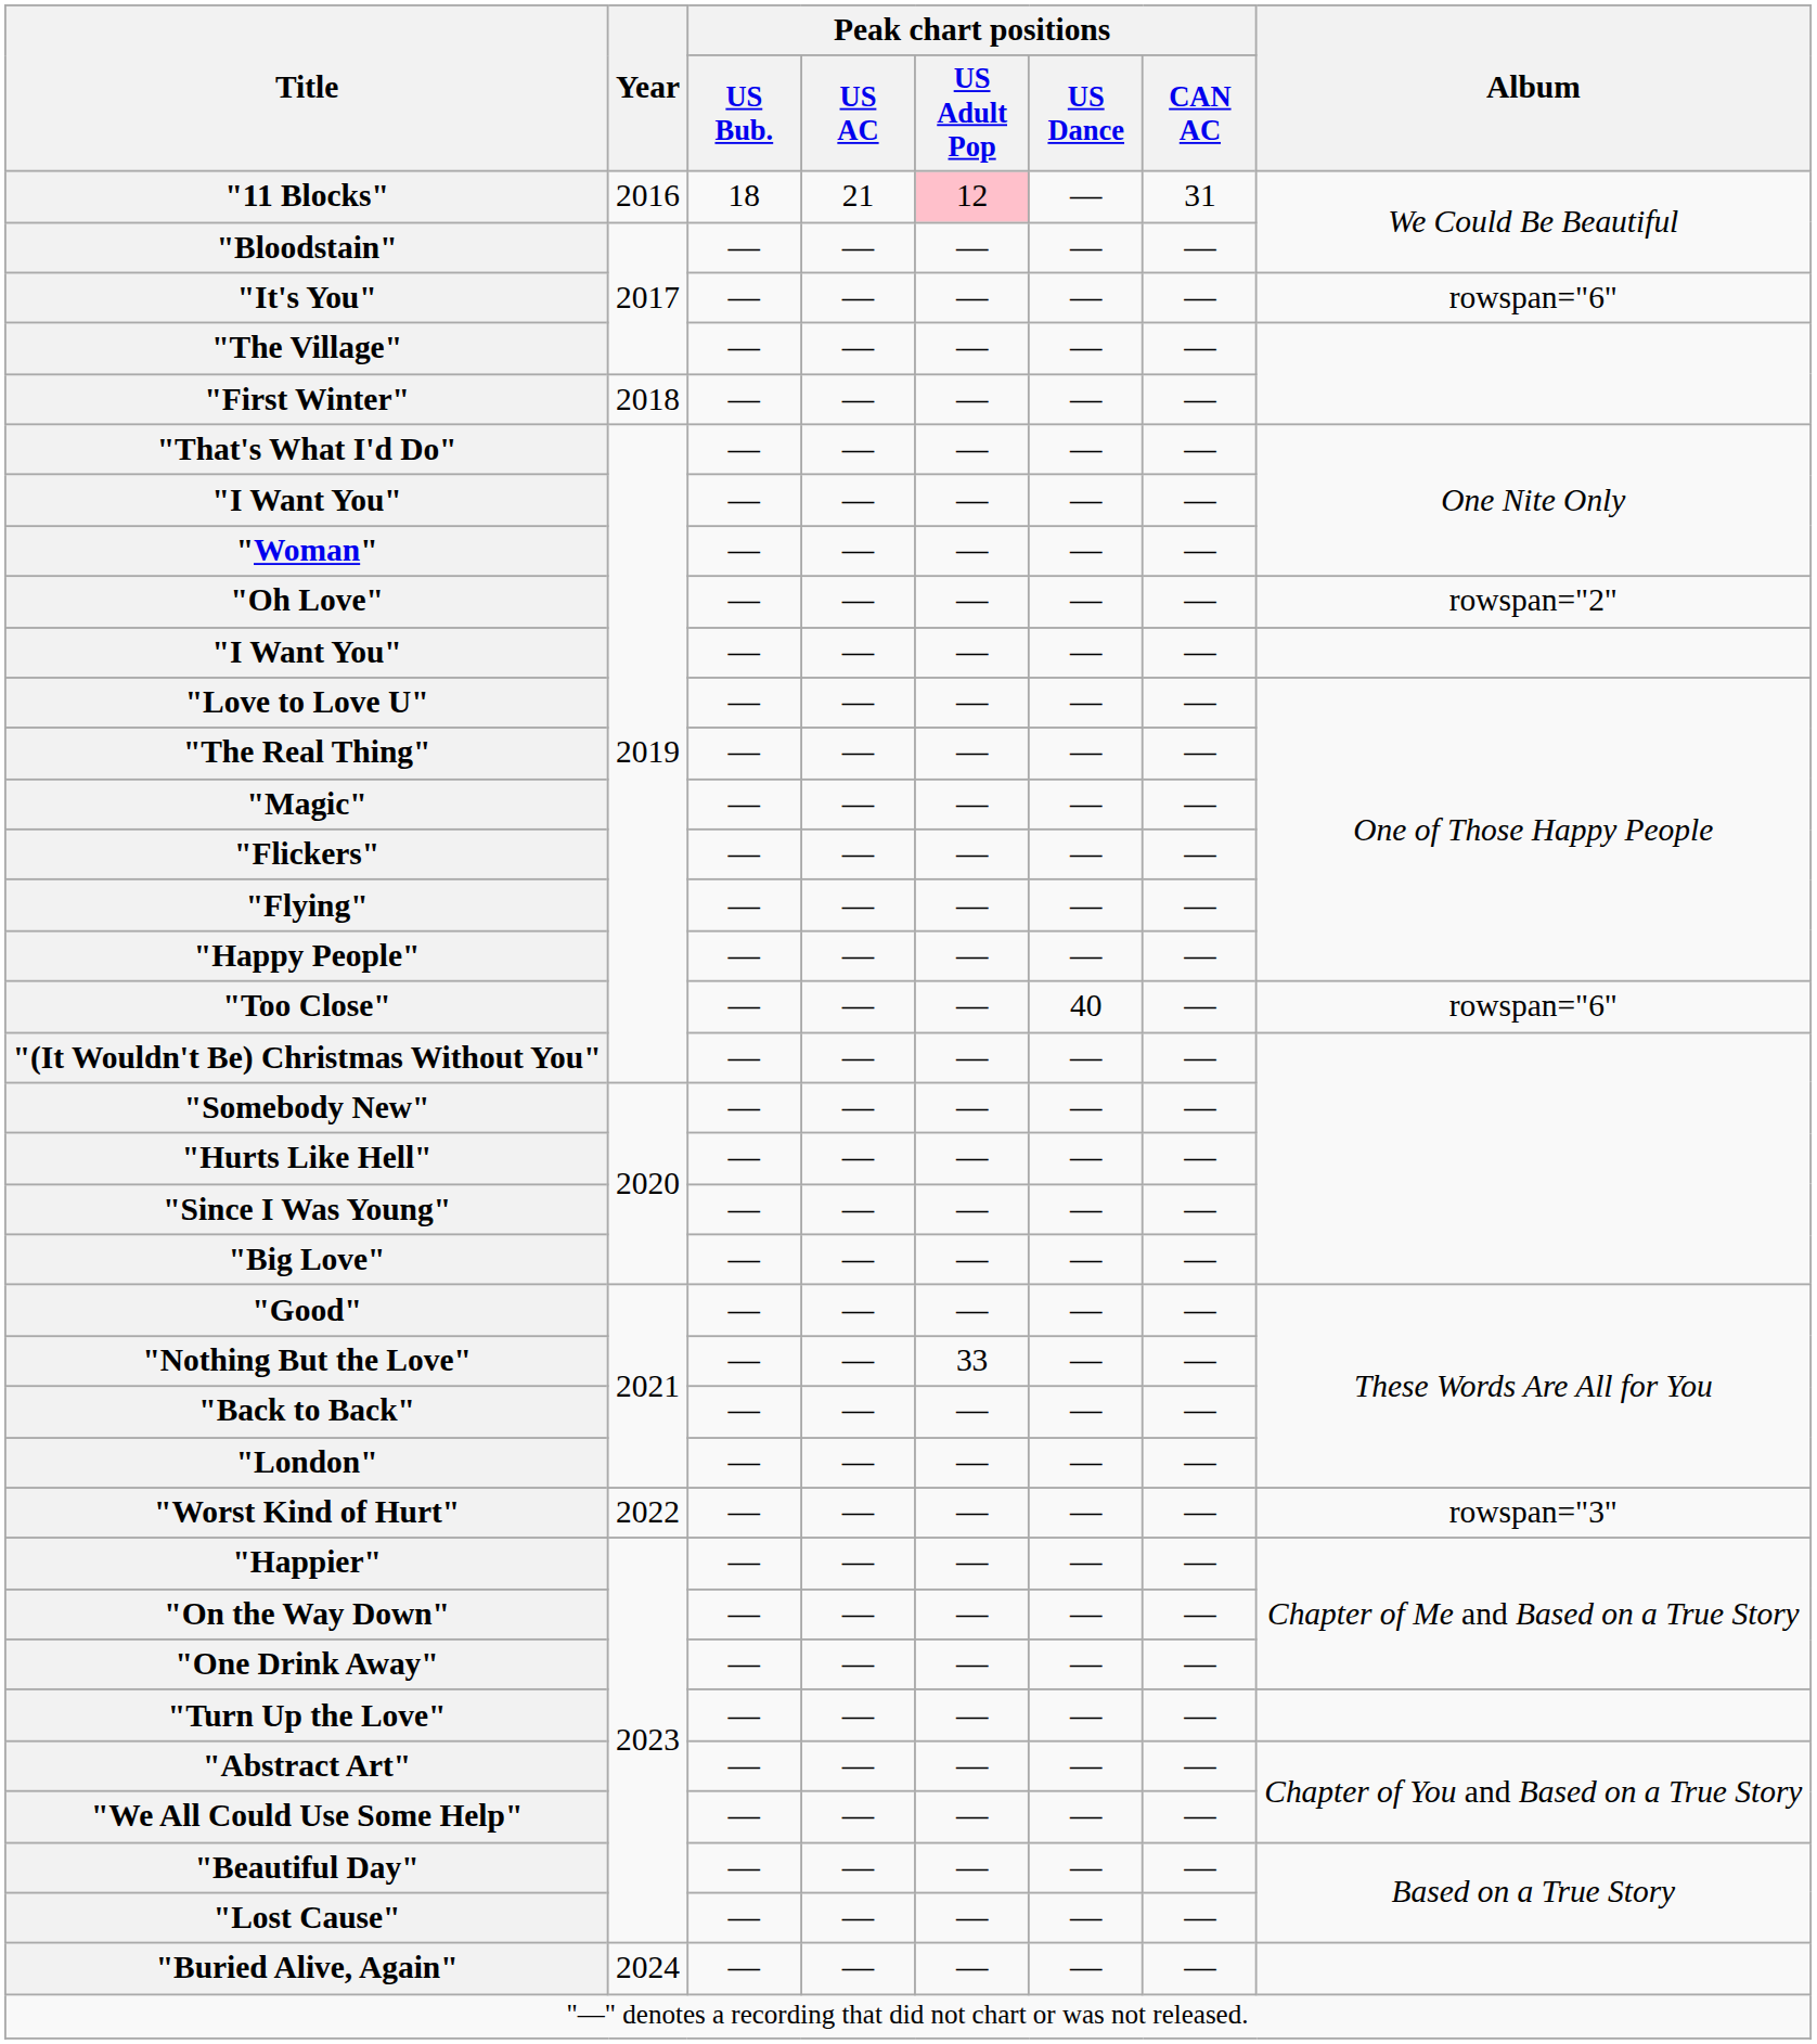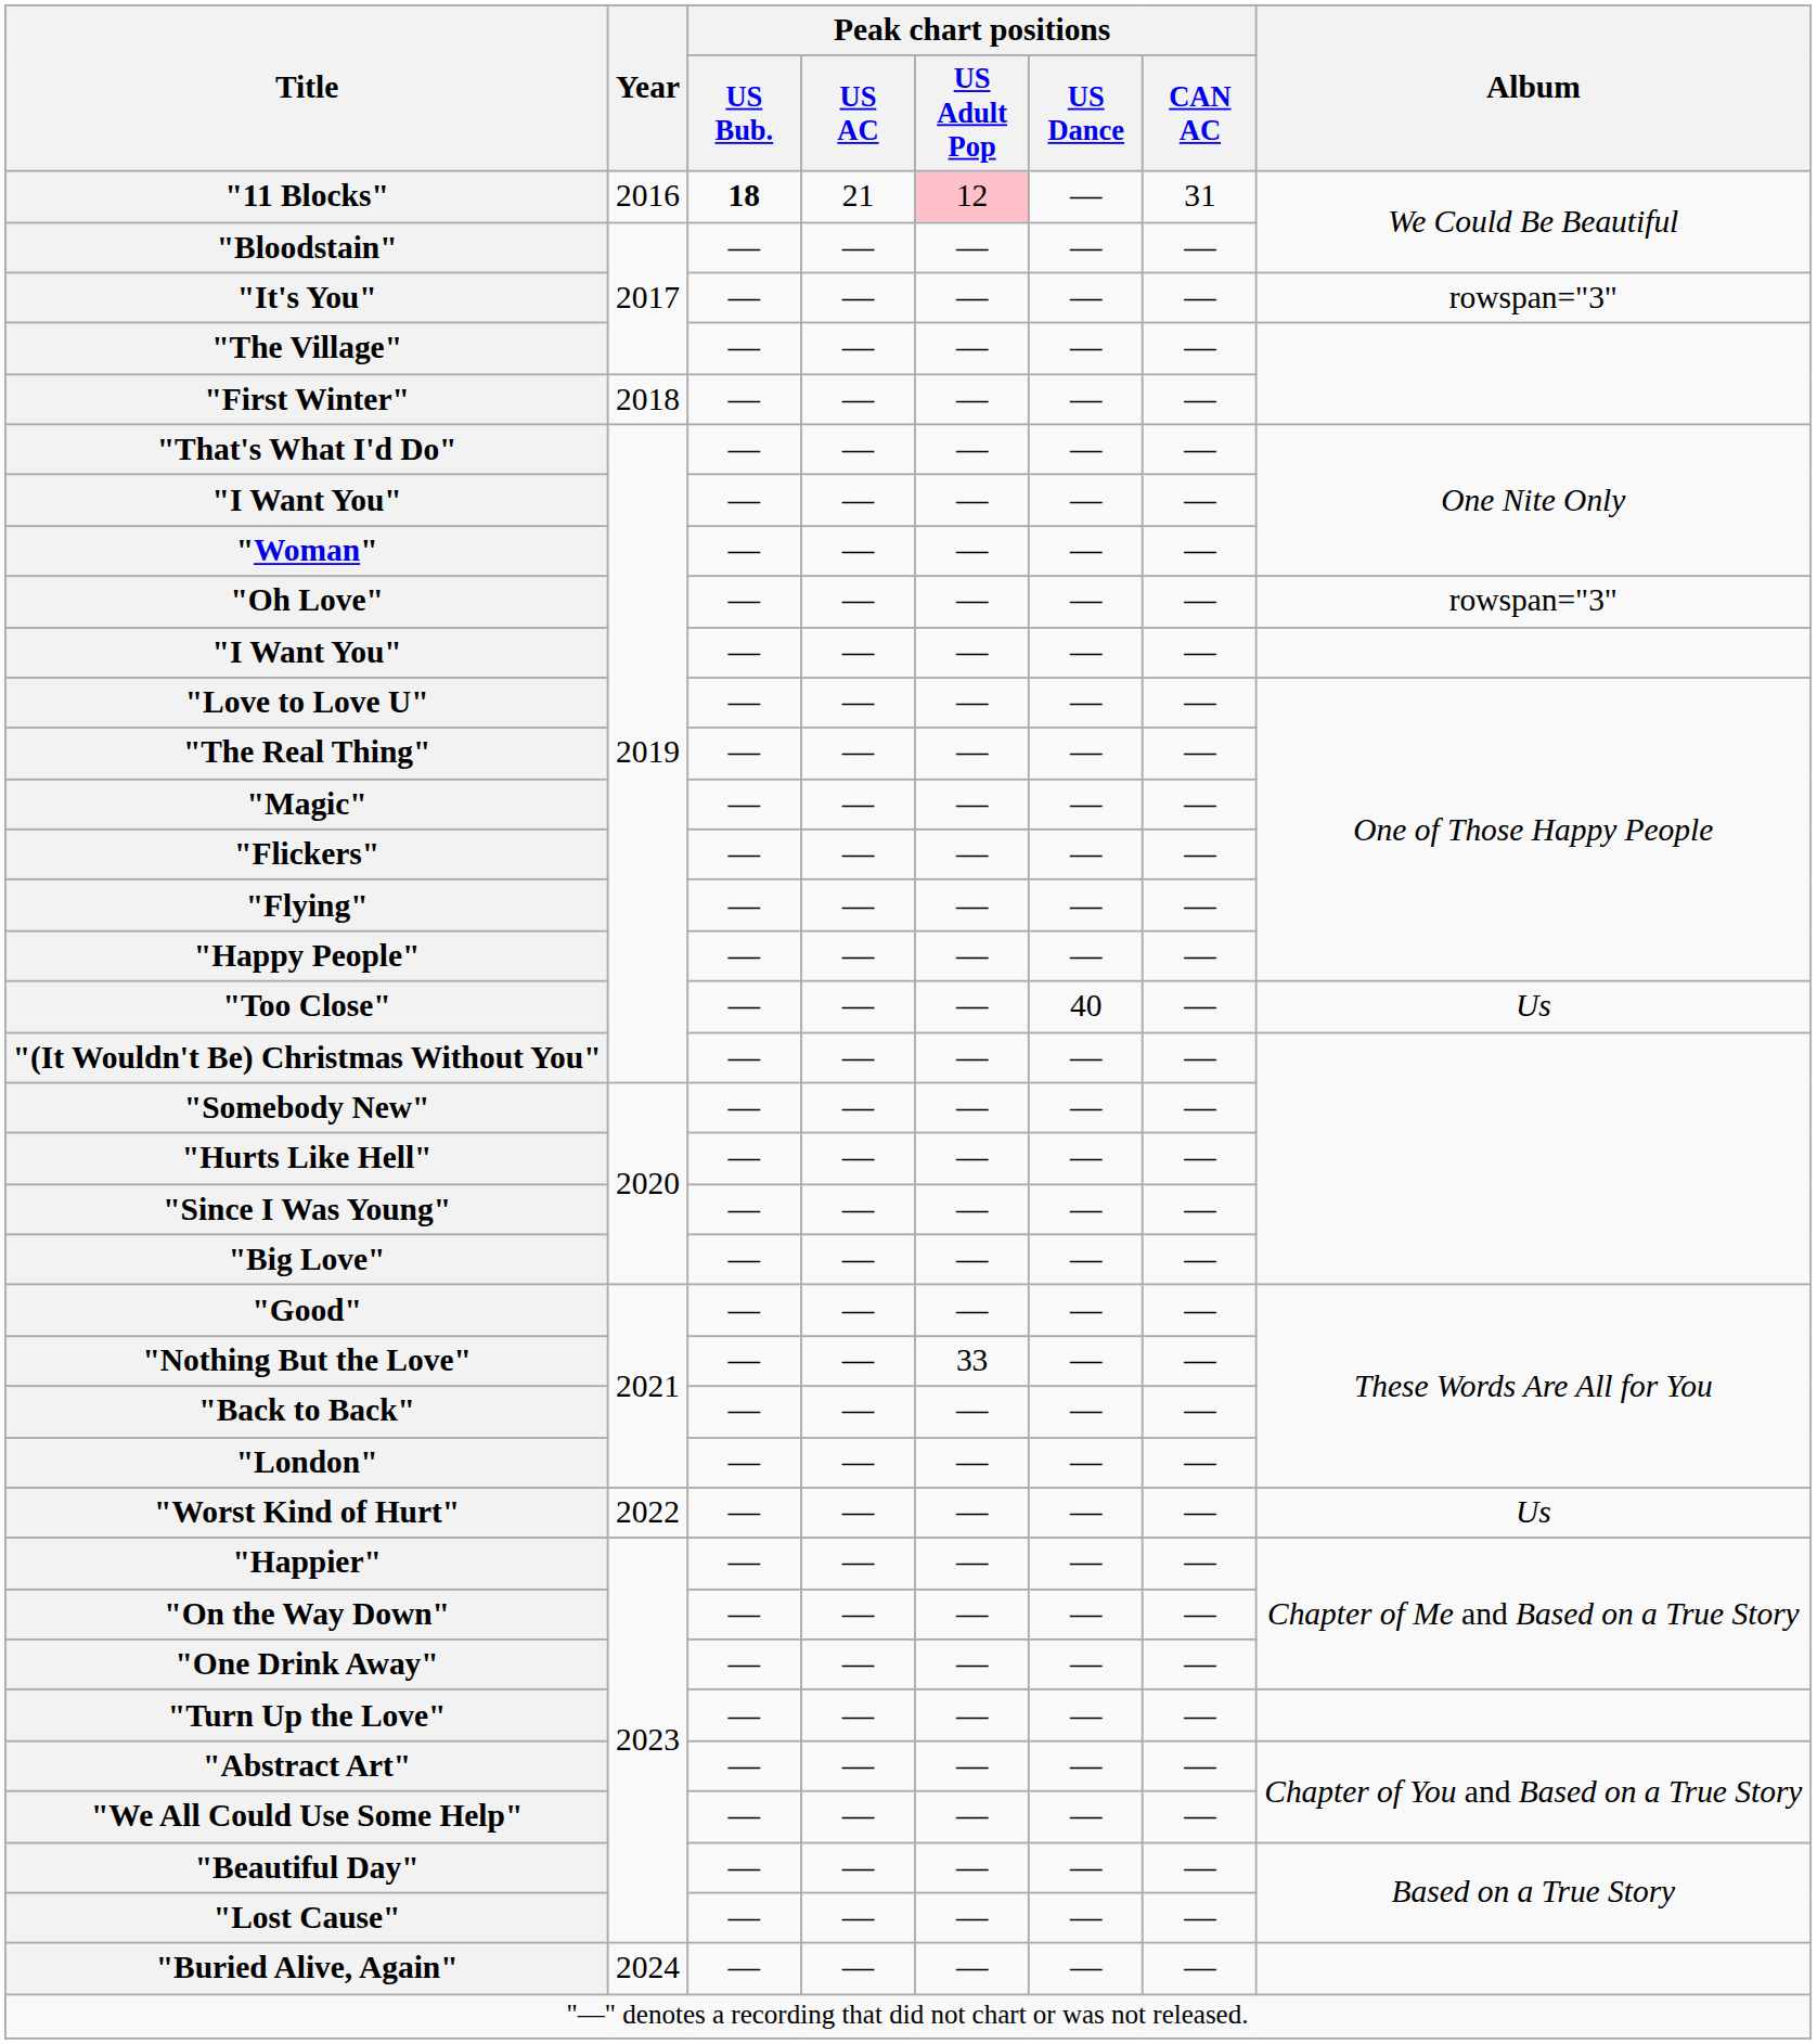 <table class="wikitable plainrowheaders" style="text-align:center;">
 <tr>
 <th scope="col" rowspan="2">Title</th>
 <th scope="col" rowspan="2">Year</th>
 <th scope="col" colspan="5">Peak chart positions</th>
 <th scope="col" rowspan="2">Album</th>
 </tr>
 <tr>
 <th scope="col" style="width:3.5em;font-size:90%;"><a href='#'>US<br>Bub.</a><br></th>
 <th scope="col" style="width:3.5em;font-size:90%;"><a href='#'>US<br>AC</a><br></th>
 <th scope="col" style="width:3.5em;font-size:90%;"><a href='#'>US<br>Adult<br>Pop</a><br></th>
 <th scope="col" style="width:3.5em;font-size:90%;"><a href='#'>US<br>Dance</a><br></th>
 <th scope="col" style="width:3.5em;font-size:90%;"><a href='#'>CAN<br>AC</a><br></th>
 </tr>
 <tr>
 <th scope="row">"11 Blocks"</th>
 <td>2016</td>
-<td>18</td>
+<td><strong>18</strong></td>
 <td>21</td>
 <td style="background: pink;">12</td>
 <td>—</td>
 <td>31</td>
 <td rowspan="2"><em>We Could Be Beautiful</em></td>
 </tr>
 <tr>
 <th scope="row">"Bloodstain"</th>
 <td rowspan="3">2017</td>
 <td>—</td>
 <td>—</td>
 <td>—</td>
 <td>—</td>
 <td>—</td>
 </tr>
 <tr>
 <th scope="row">"It's You" </th>
 <td>—</td>
 <td>—</td>
 <td>—</td>
 <td>—</td>
 <td>—</td>
-<td>rowspan="6" </td>
+<td>rowspan="3" </td>
 </tr>
 <tr>
 <th scope="row">"The Village"</th>
 <td>—</td>
 <td>—</td>
 <td>—</td>
 <td>—</td>
 <td>—</td>
 </tr>
 <tr>
 <th scope="row">"First Winter"</th>
 <td>2018</td>
 <td>—</td>
 <td>—</td>
 <td>—</td>
 <td>—</td>
 <td>—</td>
 </tr>
 <tr>
 <th scope="row">"That's What I'd Do" </th>
 <td rowspan="13">2019</td>
 <td>—</td>
 <td>—</td>
 <td>—</td>
 <td>—</td>
 <td>—</td>
 <td rowspan="3"><em>One Nite Only</em></td>
 </tr>
 <tr>
 <th scope="row">"I Want You" </th>
 <td>—</td>
 <td>—</td>
 <td>—</td>
 <td>—</td>
 <td>—</td>
 </tr>
 <tr>
 <th scope="row">"<a href='#'>Woman</a>" </th>
 <td>—</td>
 <td>—</td>
 <td>—</td>
 <td>—</td>
 <td>—</td>
 </tr>
 <tr>
 <th scope="row">"Oh Love" </th>
 <td>—</td>
 <td>—</td>
 <td>—</td>
 <td>—</td>
 <td>—</td>
-<td>rowspan="2" </td>
+<td>rowspan="3" </td>
 </tr>
 <tr>
 <th scope="row">"I Want You"</th>
 <td>—</td>
 <td>—</td>
 <td>—</td>
 <td>—</td>
 <td>—</td>
 </tr>
 <tr>
 <th scope="row">"Love to Love U"</th>
 <td>—</td>
 <td>—</td>
 <td>—</td>
 <td>—</td>
 <td>—</td>
 <td rowspan="6"><em>One of Those Happy People</em></td>
 </tr>
 <tr>
 <th scope="row">"The Real Thing"</th>
 <td>—</td>
 <td>—</td>
 <td>—</td>
 <td>—</td>
 <td>—</td>
 </tr>
 <tr>
 <th scope="row">"Magic"</th>
 <td>—</td>
 <td>—</td>
 <td>—</td>
 <td>—</td>
 <td>—</td>
 </tr>
 <tr>
 <th scope="row">"Flickers"</th>
 <td>—</td>
 <td>—</td>
 <td>—</td>
 <td>—</td>
 <td>—</td>
 </tr>
 <tr>
 <th scope="row">"Flying"</th>
 <td>—</td>
 <td>—</td>
 <td>—</td>
 <td>—</td>
 <td>—</td>
 </tr>
 <tr>
 <th scope="row">"Happy People"</th>
 <td>—</td>
 <td>—</td>
 <td>—</td>
 <td>—</td>
 <td>—</td>
 </tr>
 <tr>
 <th scope="row">"Too Close" </th>
 <td>—</td>
 <td>—</td>
 <td>—</td>
 <td>40</td>
 <td>—</td>
-<td>rowspan="6" </td>
+<td><em>Us</em></td>
 </tr>
 <tr>
 <th scope="row">"(It Wouldn't Be) Christmas Without You"</th>
 <td>—</td>
 <td>—</td>
 <td>—</td>
 <td>—</td>
 <td>—</td>
 </tr>
 <tr>
 <th scope="row">"Somebody New"</th>
 <td rowspan="4">2020</td>
 <td>—</td>
 <td>—</td>
 <td>—</td>
 <td>—</td>
 <td>—</td>
 </tr>
 <tr>
 <th scope="row">"Hurts Like Hell"</th>
 <td>—</td>
 <td>—</td>
 <td>—</td>
 <td>—</td>
 <td>—</td>
 </tr>
 <tr>
 <th scope="row">"Since I Was Young" </th>
 <td>—</td>
 <td>—</td>
 <td>—</td>
 <td>—</td>
 <td>—</td>
 </tr>
 <tr>
 <th scope="row">"Big Love" </th>
 <td>—</td>
 <td>—</td>
 <td>—</td>
 <td>—</td>
 <td>—</td>
 </tr>
 <tr>
 <th scope="row">"Good"</th>
 <td rowspan="4">2021</td>
 <td>—</td>
 <td>—</td>
 <td>—</td>
 <td>—</td>
 <td>—</td>
 <td rowspan="4"><em>These Words Are All for You</em></td>
 </tr>
 <tr>
 <th scope="row">"Nothing But the Love"</th>
 <td>—</td>
 <td>—</td>
 <td>33</td>
 <td>—</td>
 <td>—</td>
 </tr>
 <tr>
 <th scope="row">"Back to Back" </th>
 <td>—</td>
 <td>—</td>
 <td>—</td>
 <td>—</td>
 <td>—</td>
 </tr>
 <tr>
 <th scope="row">"London"</th>
 <td>—</td>
 <td>—</td>
 <td>—</td>
 <td>—</td>
 <td>—</td>
 </tr>
 <tr>
 <th scope="row">"Worst Kind of Hurt" </th>
 <td>2022</td>
 <td>—</td>
 <td>—</td>
 <td>—</td>
 <td>—</td>
 <td>—</td>
-<td>rowspan="3" </td>
+<td><em>Us</em></td>
 </tr>
 <tr>
 <th scope="row">"Happier"</th>
 <td rowspan="8">2023</td>
 <td>—</td>
 <td>—</td>
 <td>—</td>
 <td>—</td>
 <td>—</td>
 <td rowspan="3"><em>Chapter of Me</em> and <em>Based on a True Story</em></td>
 </tr>
 <tr>
 <th scope="row">"On the Way Down"</th>
 <td>—</td>
 <td>—</td>
 <td>—</td>
 <td>—</td>
 <td>—</td>
 </tr>
 <tr>
 <th scope="row">"One Drink Away"</th>
 <td>—</td>
 <td>—</td>
 <td>—</td>
 <td>—</td>
 <td>—</td>
 </tr>
 <tr>
 <th scope="row">"Turn Up the Love"</th>
 <td>—</td>
 <td>—</td>
 <td>—</td>
 <td>—</td>
 <td>—</td>
 <td></td>
 </tr>
 <tr>
 <th scope="row">"Abstract Art"</th>
 <td>—</td>
 <td>—</td>
 <td>—</td>
 <td>—</td>
 <td>—</td>
 <td rowspan="2"><em>Chapter of You</em> and <em>Based on a True Story</em></td>
 </tr>
 <tr>
 <th scope="row">"We All Could Use Some Help"</th>
 <td>—</td>
 <td>—</td>
 <td>—</td>
 <td>—</td>
 <td>—</td>
 </tr>
 <tr>
 <th scope="row">"Beautiful Day"</th>
 <td>—</td>
 <td>—</td>
 <td>—</td>
 <td>—</td>
 <td>—</td>
 <td rowspan="2"><em>Based on a True Story</em></td>
 </tr>
 <tr>
 <th scope="row">"Lost Cause"</th>
 <td>—</td>
 <td>—</td>
 <td>—</td>
 <td>—</td>
 <td>—</td>
 </tr>
 <tr>
 <th scope="row">"Buried Alive, Again"<br></th>
 <td>2024</td>
 <td>—</td>
 <td>—</td>
 <td>—</td>
 <td>—</td>
 <td>—</td>
 <td></td>
 </tr>
 <tr>
 <td colspan="8" style="font-size:85%">"—" denotes a recording that did not chart or was not released.</td>
 </tr>
 </table>
